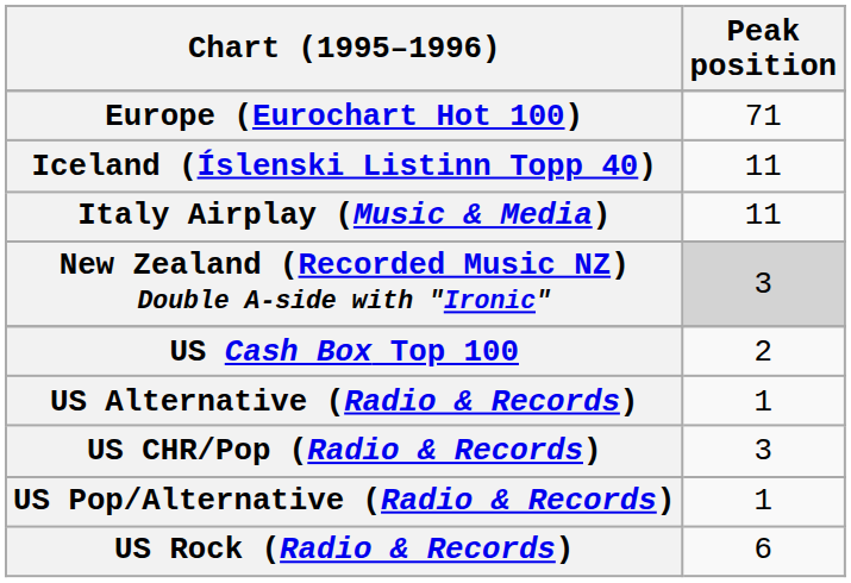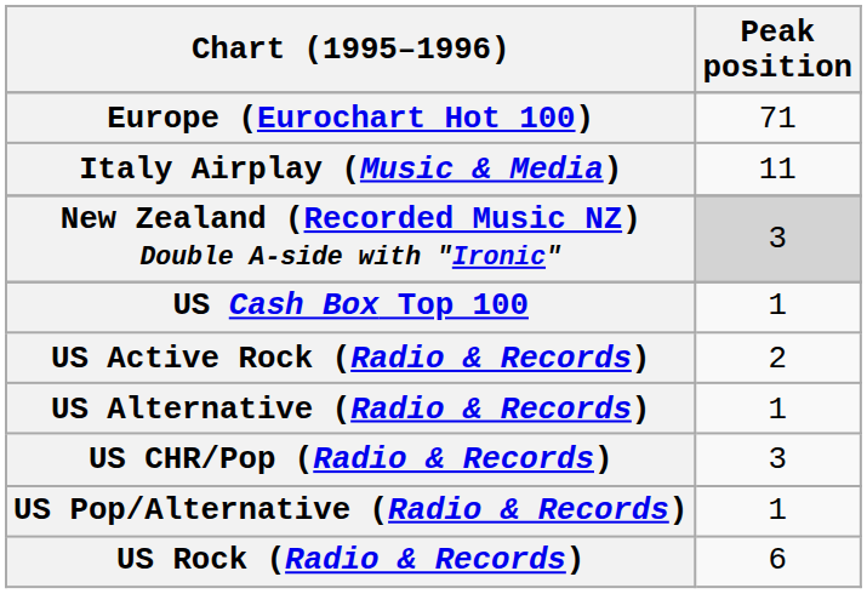 <table class="wikitable plainrowheaders sortable">
 <tr>
 <th>Chart (1995–1996)</th>
 <th>Peak<br>position</th>
 </tr>
 <tr>
 </tr>
 <tr>
 </tr>
 <tr>
 </tr>
 <tr>
 </tr>
 <tr>
 <th scope="row">Europe (<a href='#'>Eurochart Hot 100</a>)</th>
 <td align="center">71</td>
-</tr>
-<tr>
-<th scope="row">Iceland (<a href='#'>Íslenski Listinn Topp 40</a>)</th>
-<td align="center">11</td>
 </tr>
 <tr>
 <th scope="row">Italy Airplay (<em><a href='#'>Music & Media</a></em>)</th>
 <td align="center">11</td>
 </tr>
 <tr>
 </tr>
 <tr>
 </tr>
 <tr>
 </tr>
 <tr>
 <th scope="row">New Zealand (<a href='#'>Recorded Music NZ</a>)<br><small><em>Double A-side with "<a href='#'>Ironic</a>"</em></small></th>
 <td align="center" style="background: lightgrey;">3</td>
 </tr>
 <tr>
 </tr>
 <tr>
 </tr>
 <tr>
 </tr>
 <tr>
 </tr>
 <tr>
 </tr>
 <tr>
 </tr>
 <tr>
 </tr>
 <tr>
 </tr>
 <tr>
 <th scope="row">US <a href='#'><em>Cash Box</em> Top 100</a></th>
+<td align="center">1</td>
+</tr>
+<tr>
+<th scope="row">US Active Rock (<em><a href='#'>Radio & Records</a></em>)</th>
 <td align="center">2</td>
 </tr>
 <tr>
 <th scope="row">US Alternative (<em><a href='#'>Radio & Records</a></em>)</th>
 <td align="center">1</td>
 </tr>
 <tr>
 <th scope="row">US CHR/Pop (<em><a href='#'>Radio & Records</a></em>)</th>
 <td align="center">3</td>
 </tr>
 <tr>
 <th scope="row">US Pop/Alternative (<em><a href='#'>Radio & Records</a></em>)</th>
 <td align="center">1</td>
 </tr>
 <tr>
 <th scope="row">US Rock (<em><a href='#'>Radio & Records</a></em>)</th>
 <td align="center">6</td>
 </tr>
 </table>
